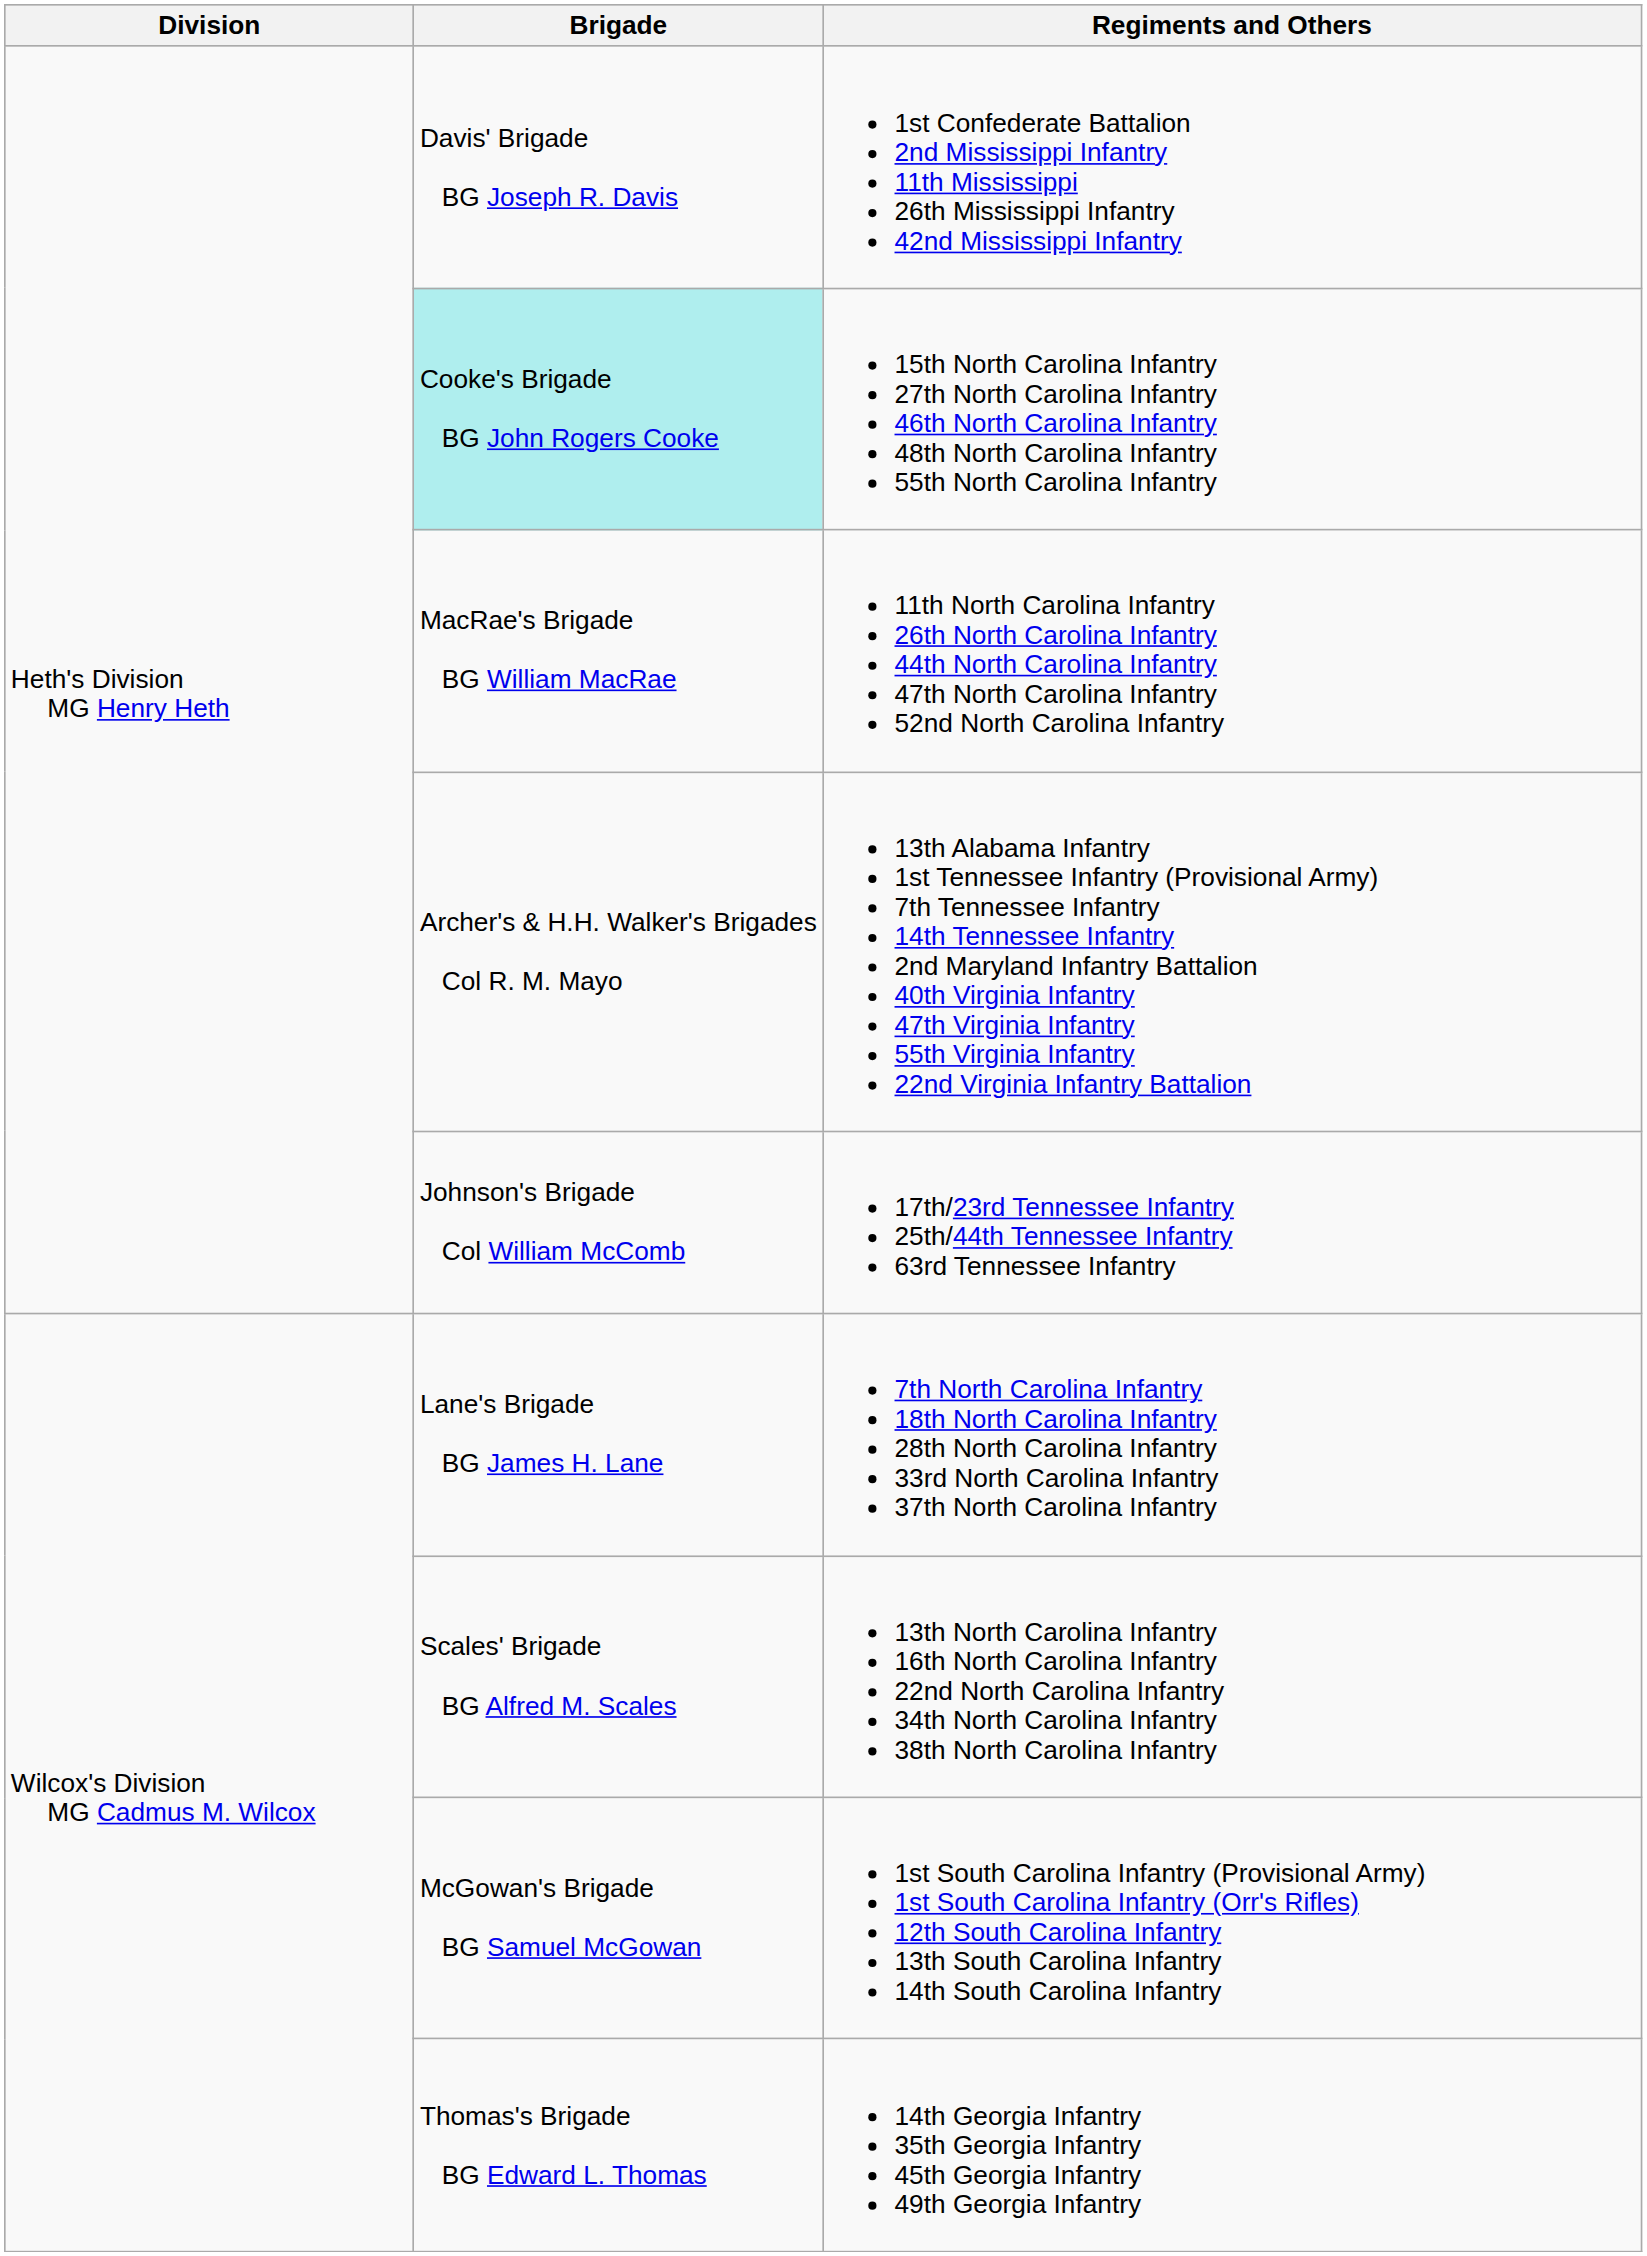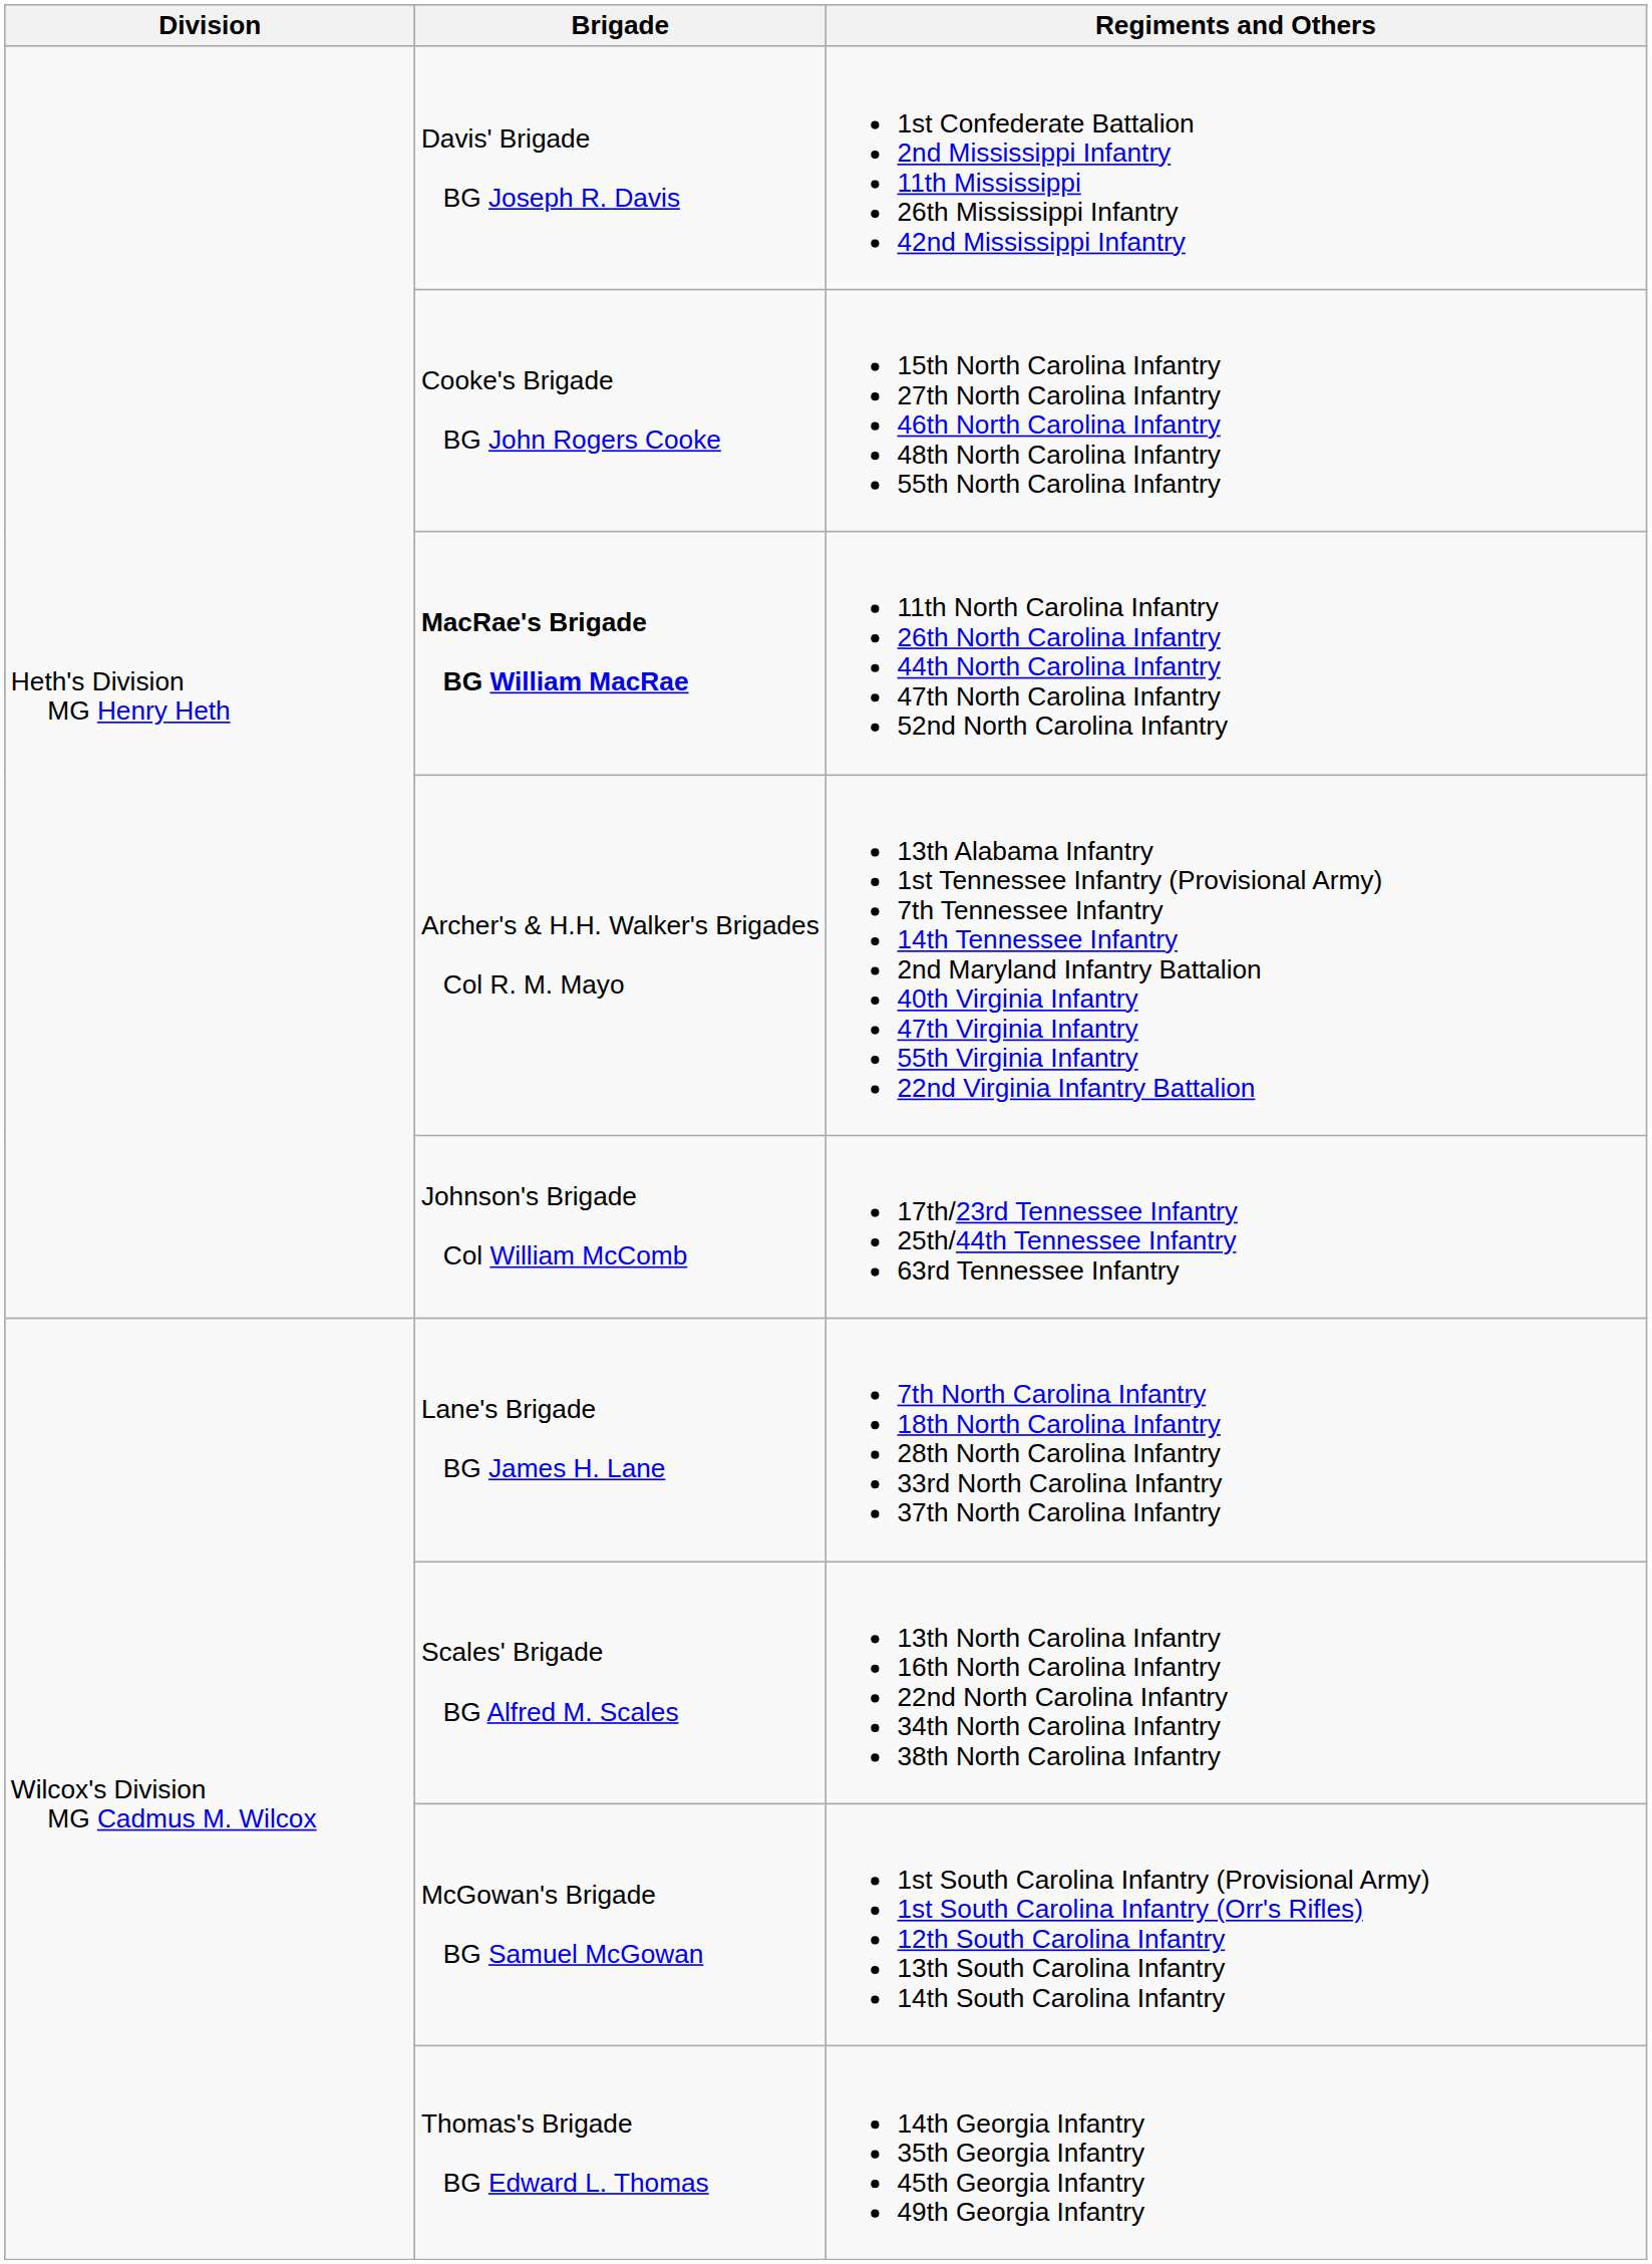 <table class="wikitable">
 <tr>
 <th width=25%>Division</th>
 <th width=25%>Brigade</th>
 <th>Regiments and Others</th>
 </tr>
 <tr>
 <td rowspan=5><br>Heth's Division <br>     MG <a href='#'>Henry Heth</a></td>
 <td>Davis' Brigade<br><br>   BG <a href='#'>Joseph R. Davis</a></td>
 <td><br><ul><li>1st Confederate Battalion</li><li><a href='#'>2nd Mississippi Infantry</a></li><li><a href='#'>11th Mississippi</a></li><li>26th Mississippi Infantry</li><li><a href='#'>42nd Mississippi Infantry</a></li></ul></td>
 </tr>
 <tr>
-<td style="background: paleturquoise;">Cooke's Brigade<br><br>   BG <a href='#'>John Rogers Cooke</a></td>
+<td>Cooke's Brigade<br><br>   BG <a href='#'>John Rogers Cooke</a></td>
 <td><br><ul><li>15th North Carolina Infantry</li><li>27th North Carolina Infantry</li><li><a href='#'>46th North Carolina Infantry</a></li><li>48th North Carolina Infantry</li><li>55th North Carolina Infantry</li></ul></td>
 </tr>
 <tr>
-<td>MacRae's Brigade<br><br>   BG <a href='#'>William MacRae</a></td>
+<td><strong>MacRae's Brigade<br><br>   BG <a href='#'>William MacRae</a></strong></td>
 <td><br><ul><li>11th North Carolina Infantry</li><li><a href='#'>26th North Carolina Infantry</a></li><li><a href='#'>44th North Carolina Infantry</a></li><li>47th North Carolina Infantry</li><li>52nd North Carolina Infantry</li></ul></td>
 </tr>
 <tr>
 <td>Archer's & H.H. Walker's Brigades<br><br>   Col R. M. Mayo</td>
 <td><br><ul><li>13th Alabama Infantry</li><li>1st Tennessee Infantry (Provisional Army)</li><li>7th Tennessee Infantry</li><li><a href='#'>14th Tennessee Infantry</a></li><li>2nd Maryland Infantry Battalion</li><li><a href='#'>40th Virginia Infantry</a></li><li><a href='#'>47th Virginia Infantry</a></li><li><a href='#'>55th Virginia Infantry</a></li><li><a href='#'>22nd Virginia Infantry Battalion</a></li></ul></td>
 </tr>
 <tr>
 <td>Johnson's Brigade<br><br>   Col <a href='#'>William McComb</a></td>
 <td><br><ul><li>17th/<a href='#'>23rd Tennessee Infantry</a></li><li>25th/<a href='#'>44th Tennessee Infantry</a></li><li>63rd Tennessee Infantry</li></ul></td>
 </tr>
 <tr>
 <td rowspan=4><br>Wilcox's Division <br>     MG <a href='#'>Cadmus M. Wilcox</a></td>
 <td>Lane's Brigade<br><br>   BG <a href='#'>James H. Lane</a></td>
 <td><br><ul><li><a href='#'>7th North Carolina Infantry</a></li><li><a href='#'>18th North Carolina Infantry</a></li><li>28th North Carolina Infantry</li><li>33rd North Carolina Infantry</li><li>37th North Carolina Infantry</li></ul></td>
 </tr>
 <tr>
 <td>Scales' Brigade<br><br>   BG <a href='#'>Alfred M. Scales</a></td>
 <td><br><ul><li>13th North Carolina Infantry</li><li>16th North Carolina Infantry</li><li>22nd North Carolina Infantry</li><li>34th North Carolina Infantry</li><li>38th North Carolina Infantry</li></ul></td>
 </tr>
 <tr>
 <td>McGowan's Brigade<br><br>   BG <a href='#'>Samuel McGowan</a></td>
 <td><br><ul><li>1st South Carolina Infantry (Provisional Army)</li><li><a href='#'>1st South Carolina Infantry (Orr's Rifles)</a></li><li><a href='#'>12th South Carolina Infantry</a></li><li>13th South Carolina Infantry</li><li>14th South Carolina Infantry</li></ul></td>
 </tr>
 <tr>
 <td>Thomas's Brigade<br><br>   BG <a href='#'>Edward L. Thomas</a></td>
 <td><br><ul><li>14th Georgia Infantry</li><li>35th Georgia Infantry</li><li>45th Georgia Infantry</li><li>49th Georgia Infantry</li></ul></td>
 </tr>
 </table>
